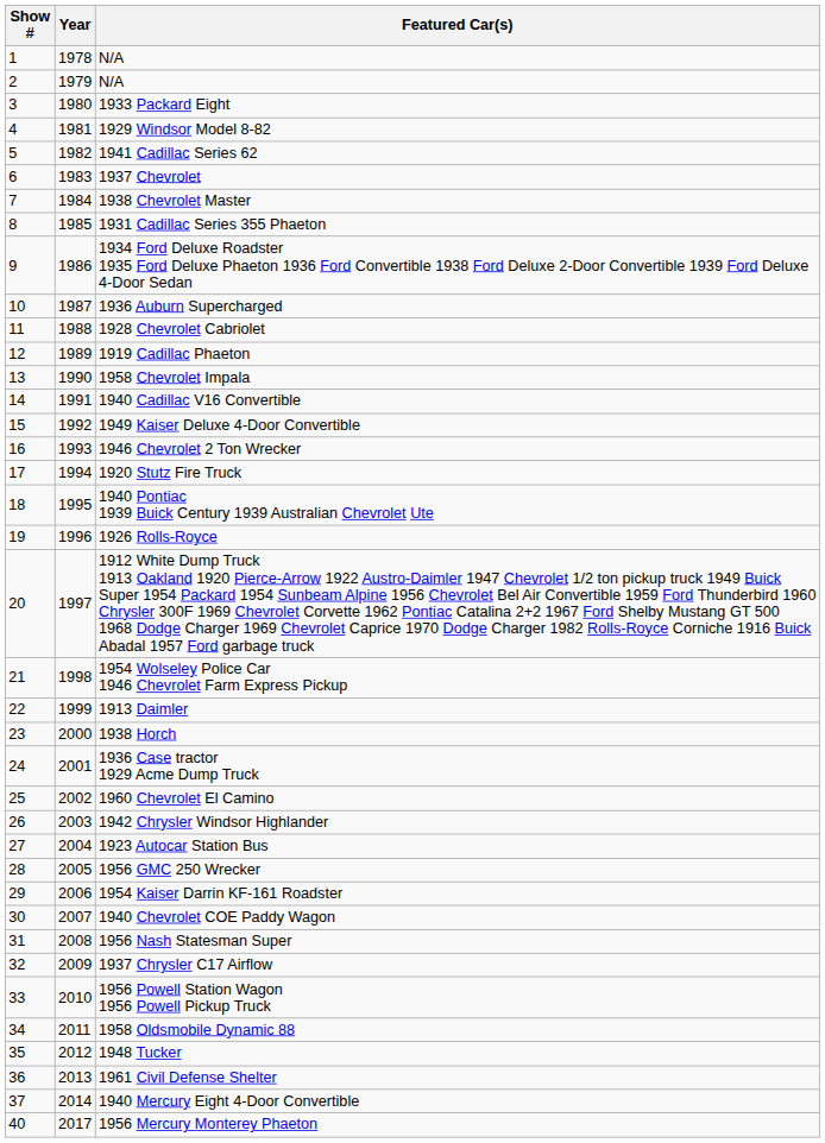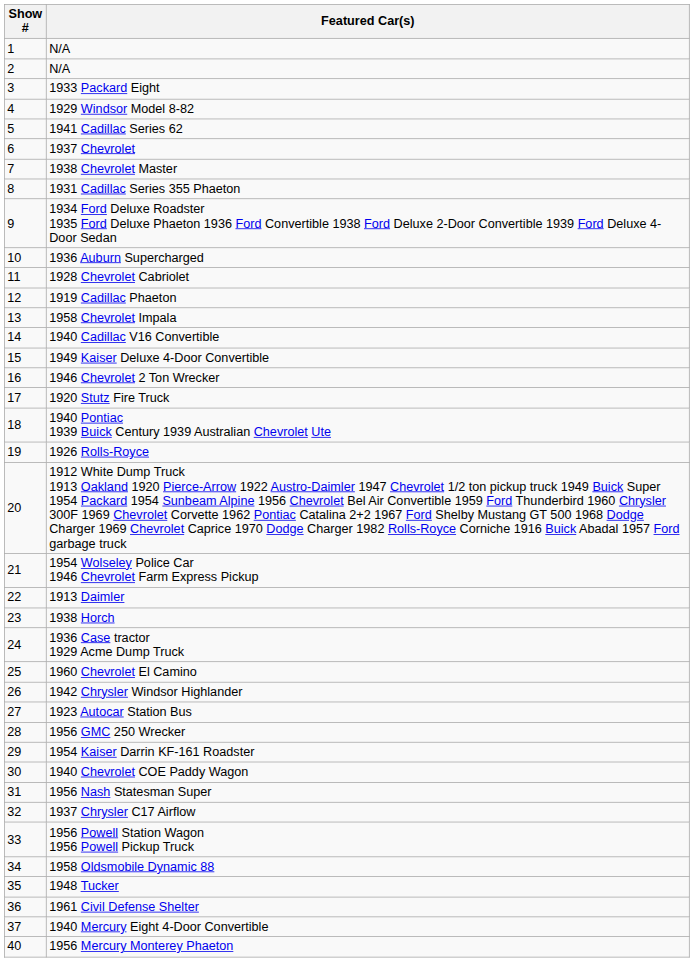 <table class="wikitable">
 <tr>
 <th>Show #</th>
-<th>Year</th>
 <th>Featured Car(s)</th>
 </tr>
 <tr>
 <td>1</td>
-<td>1978</td>
 <td>N/A</td>
 </tr>
 <tr>
 <td>2</td>
-<td>1979</td>
 <td>N/A</td>
 </tr>
 <tr>
 <td>3</td>
-<td>1980</td>
 <td>1933 <a href='#'>Packard</a> Eight</td>
 </tr>
 <tr>
 <td>4</td>
-<td>1981</td>
 <td>1929 <a href='#'>Windsor</a> Model 8-82</td>
 </tr>
 <tr>
 <td>5</td>
-<td>1982</td>
 <td>1941 <a href='#'>Cadillac</a> Series 62</td>
 </tr>
 <tr>
 <td>6</td>
-<td>1983</td>
 <td>1937 <a href='#'>Chevrolet</a></td>
 </tr>
 <tr>
 <td>7</td>
-<td>1984</td>
 <td>1938 <a href='#'>Chevrolet</a> Master</td>
 </tr>
 <tr>
 <td>8</td>
-<td>1985</td>
 <td>1931 <a href='#'>Cadillac</a> Series 355 Phaeton</td>
 </tr>
 <tr>
 <td>9</td>
-<td>1986</td>
 <td>1934 <a href='#'>Ford</a> Deluxe Roadster<br>1935 <a href='#'>Ford</a> Deluxe Phaeton 1936 <a href='#'>Ford</a> Convertible 1938 <a href='#'>Ford</a> Deluxe 2-Door Convertible 1939 <a href='#'>Ford</a> Deluxe 4-Door Sedan</td>
 </tr>
 <tr>
 <td>10</td>
-<td>1987</td>
 <td>1936 <a href='#'>Auburn</a> Supercharged</td>
 </tr>
 <tr>
 <td>11</td>
-<td>1988</td>
 <td>1928 <a href='#'>Chevrolet</a> Cabriolet</td>
 </tr>
 <tr>
 <td>12</td>
-<td>1989</td>
 <td>1919 <a href='#'>Cadillac</a> Phaeton</td>
 </tr>
 <tr>
 <td>13</td>
-<td>1990</td>
 <td>1958 <a href='#'>Chevrolet</a> Impala</td>
 </tr>
 <tr>
 <td>14</td>
-<td>1991</td>
 <td>1940 <a href='#'>Cadillac</a> V16 Convertible</td>
 </tr>
 <tr>
 <td>15</td>
-<td>1992</td>
 <td>1949 <a href='#'>Kaiser</a> Deluxe 4-Door Convertible</td>
 </tr>
 <tr>
 <td>16</td>
-<td>1993</td>
 <td>1946 <a href='#'>Chevrolet</a> 2 Ton Wrecker</td>
 </tr>
 <tr>
 <td>17</td>
-<td>1994</td>
 <td>1920 <a href='#'>Stutz</a> Fire Truck</td>
 </tr>
 <tr>
 <td>18</td>
-<td>1995</td>
 <td>1940 <a href='#'>Pontiac</a><br>1939 <a href='#'>Buick</a> Century 1939 Australian <a href='#'>Chevrolet</a> <a href='#'>Ute</a></td>
 </tr>
 <tr>
 <td>19</td>
-<td>1996</td>
 <td>1926 <a href='#'>Rolls-Royce</a></td>
 </tr>
 <tr>
 <td>20</td>
-<td>1997</td>
 <td>1912 White Dump Truck<br>1913 <a href='#'>Oakland</a> 1920 <a href='#'>Pierce-Arrow</a> 1922 <a href='#'>Austro-Daimler</a> 1947 <a href='#'>Chevrolet</a> 1/2 ton pickup truck 1949 <a href='#'>Buick</a> Super 1954 <a href='#'>Packard</a> 1954 <a href='#'>Sunbeam Alpine</a> 1956 <a href='#'>Chevrolet</a> Bel Air Convertible 1959 <a href='#'>Ford</a> Thunderbird 1960 <a href='#'>Chrysler</a> 300F 1969 <a href='#'>Chevrolet</a> Corvette 1962 <a href='#'>Pontiac</a> Catalina 2+2 1967 <a href='#'>Ford</a> Shelby Mustang GT 500 1968 <a href='#'>Dodge</a> Charger 1969 <a href='#'>Chevrolet</a> Caprice 1970 <a href='#'>Dodge</a> Charger 1982 <a href='#'>Rolls-Royce</a> Corniche 1916 <a href='#'>Buick</a> Abadal 1957 <a href='#'>Ford</a> garbage truck</td>
 </tr>
 <tr>
 <td>21</td>
-<td>1998</td>
 <td>1954 <a href='#'>Wolseley</a> Police Car<br>1946 <a href='#'>Chevrolet</a> Farm Express Pickup</td>
 </tr>
 <tr>
 <td>22</td>
-<td>1999</td>
 <td>1913 <a href='#'>Daimler</a></td>
 </tr>
 <tr>
 <td>23</td>
-<td>2000</td>
 <td>1938 <a href='#'>Horch</a></td>
 </tr>
 <tr>
 <td>24</td>
-<td>2001</td>
 <td>1936 <a href='#'>Case</a> tractor<br>1929 Acme Dump Truck</td>
 </tr>
 <tr>
 <td>25</td>
-<td>2002</td>
 <td>1960 <a href='#'>Chevrolet</a> El Camino</td>
 </tr>
 <tr>
 <td>26</td>
-<td>2003</td>
 <td>1942 <a href='#'>Chrysler</a> Windsor Highlander</td>
 </tr>
 <tr>
 <td>27</td>
-<td>2004</td>
 <td>1923 <a href='#'>Autocar</a> Station Bus</td>
 </tr>
 <tr>
 <td>28</td>
-<td>2005</td>
 <td>1956 <a href='#'>GMC</a> 250 Wrecker</td>
 </tr>
 <tr>
 <td>29</td>
-<td>2006</td>
 <td>1954 <a href='#'>Kaiser</a> Darrin KF-161 Roadster</td>
 </tr>
 <tr>
 <td>30</td>
-<td>2007</td>
 <td>1940 <a href='#'>Chevrolet</a> COE Paddy Wagon</td>
 </tr>
 <tr>
 <td>31</td>
-<td>2008</td>
 <td>1956 <a href='#'>Nash</a> Statesman Super</td>
 </tr>
 <tr>
 <td>32</td>
-<td>2009</td>
 <td>1937 <a href='#'>Chrysler</a> C17 Airflow</td>
 </tr>
 <tr>
 <td>33</td>
-<td>2010</td>
 <td>1956 <a href='#'>Powell</a> Station Wagon<br>1956 <a href='#'>Powell</a> Pickup Truck</td>
 </tr>
 <tr>
 <td>34</td>
-<td>2011</td>
 <td>1958 <a href='#'>Oldsmobile Dynamic 88</a></td>
 </tr>
 <tr>
 <td>35</td>
-<td>2012</td>
 <td>1948 <a href='#'>Tucker</a></td>
 </tr>
 <tr>
 <td>36</td>
-<td>2013</td>
 <td>1961 <a href='#'>Civil Defense Shelter</a></td>
 </tr>
 <tr>
 <td>37</td>
-<td>2014</td>
 <td>1940 <a href='#'>Mercury</a> Eight 4-Door Convertible</td>
 </tr>
 <tr>
 <td>40</td>
-<td>2017</td>
 <td>1956 <a href='#'>Mercury Monterey Phaeton</a></td>
 </tr>
 </table>
